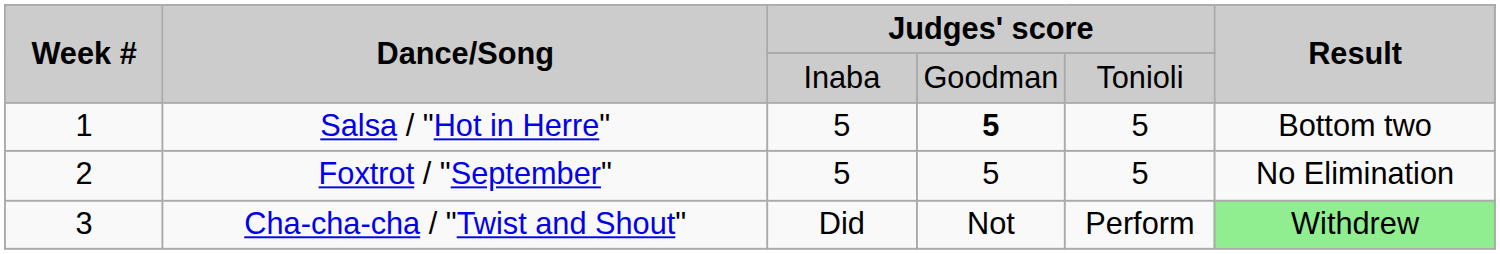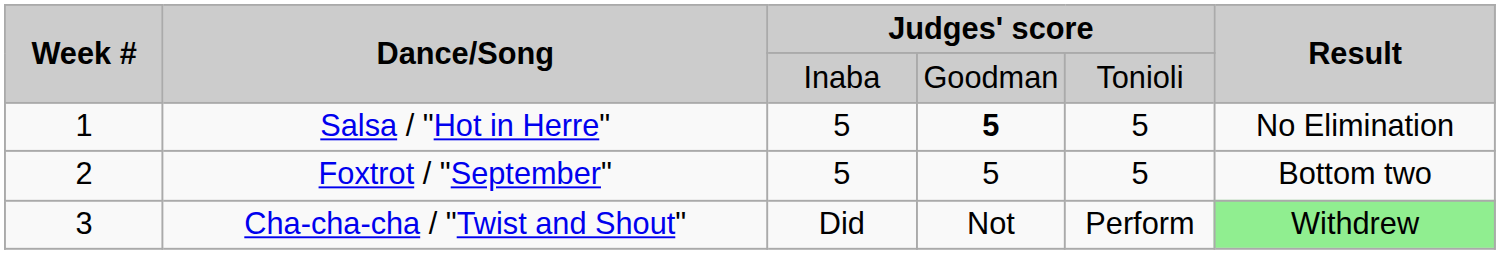 <table class="wikitable" style="text-align:center">
 <tr>
 <th rowspan="2" style="background:#ccc;">Week #</th>
 <th rowspan="2" style="background:#ccc;">Dance/Song</th>
 <th colspan="3" style="background:#ccc;">Judges' score</th>
 <th rowspan="2" style="background:#ccc;">Result</th>
 </tr>
 <tr style="background:#ccc;">
 <td style="width:10%;">Inaba</td>
 <td style="width:10%;">Goodman</td>
 <td style="width:10%;">Tonioli</td>
 </tr>
 <tr>
 <td>1</td>
 <td><a href='#'>Salsa</a> / "<a href='#'>Hot in Herre</a>"</td>
 <td>5</td>
 <td><strong>5</strong></td>
 <td>5</td>
-<td>Bottom two</td>
+<td>No Elimination</td>
 </tr>
 <tr>
 <td>2</td>
 <td><a href='#'>Foxtrot</a> / "<a href='#'>September</a>"</td>
 <td>5</td>
 <td>5</td>
 <td>5</td>
-<td>No Elimination</td>
+<td>Bottom two</td>
 </tr>
 <tr>
 <td>3</td>
 <td><a href='#'>Cha-cha-cha</a> / "<a href='#'>Twist and Shout</a>"</td>
 <td>Did</td>
 <td>Not</td>
 <td>Perform</td>
 <td style="text-align:center; background:lightgreen;">Withdrew</td>
 </tr>
 </table>
